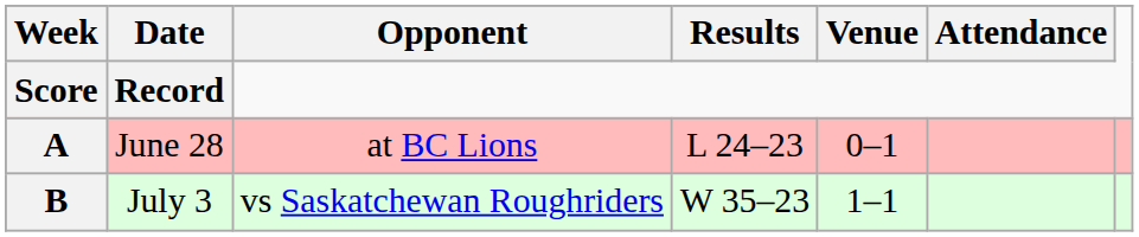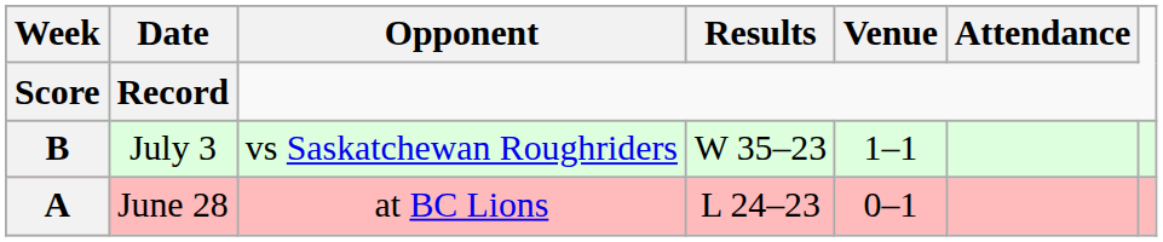 <table class="wikitable" style="text-align:center">
 <tr>
 <th>Week</th>
 <th>Date</th>
 <th>Opponent</th>
 <th>Results</th>
 <th>Venue</th>
 <th>Attendance</th>
 </tr>
 <tr>
 <th>Score</th>
 <th>Record</th>
 </tr>
+<tr style="background:#ddffdd">
+<th>B</th>
+<td>July 3</td>
+<td>vs <a href='#'>Saskatchewan Roughriders</a></td>
+<td>W 35–23</td>
+<td>1–1</td>
+<td></td>
+<td></td>
+</tr>
 <tr style="background:#ffbbbb">
 <th>A</th>
 <td>June 28</td>
 <td>at <a href='#'>BC Lions</a></td>
 <td>L 24–23</td>
 <td>0–1</td>
 <td></td>
 <td></td>
 </tr>
-<tr style="background:#ddffdd">
-<th>B</th>
-<td>July 3</td>
-<td>vs <a href='#'>Saskatchewan Roughriders</a></td>
-<td>W 35–23</td>
-<td>1–1</td>
-<td></td>
-<td></td>
-</tr>
 </table>
